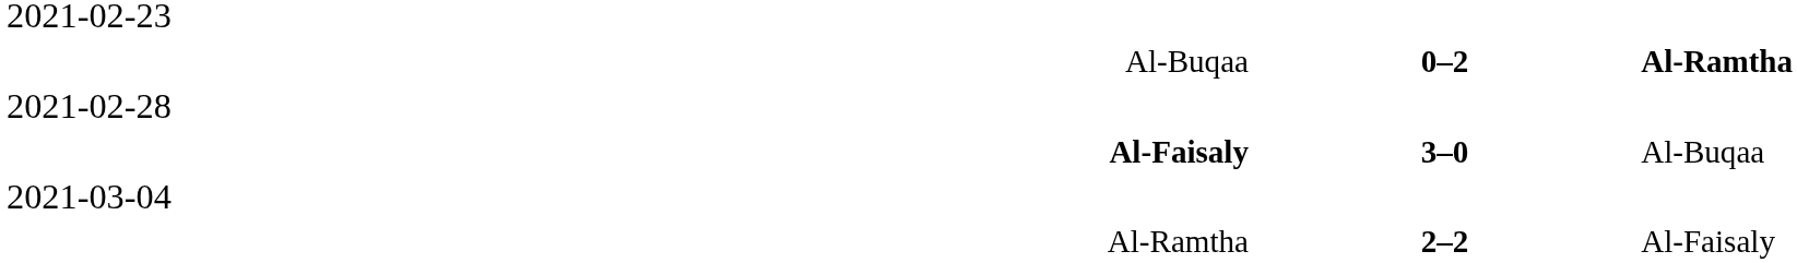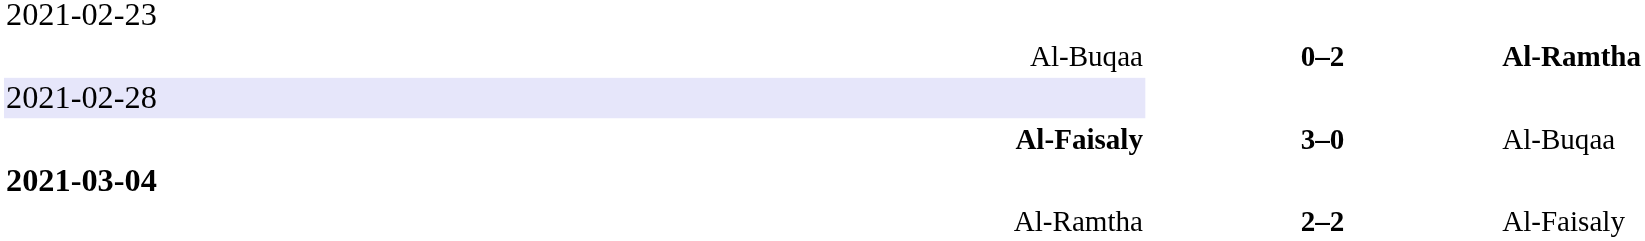 <table width="100%" cellspacing="1">
 <tr>
 <td>2021-02-23</td>
 </tr>
 <tr style="font-size:90%">
 <td align="right">Al-Buqaa</td>
 <td align="center"><strong>0–2</strong></td>
 <td><strong>Al-Ramtha</strong></td>
 </tr>
 <tr>
-<td>2021-02-28</td>
+<td style="background: lavender;">2021-02-28</td>
 </tr>
 <tr style="font-size:90%">
 <td align="right"><strong>Al-Faisaly</strong></td>
 <td align="center"><strong>3–0</strong></td>
 <td>Al-Buqaa</td>
 </tr>
 <tr>
-<td>2021-03-04</td>
+<td><strong>2021-03-04</strong></td>
 </tr>
 <tr style="font-size:90%">
 <td align="right">Al-Ramtha</td>
 <td align="center"><strong>2–2</strong></td>
 <td>Al-Faisaly</td>
 </tr>
 </table>
